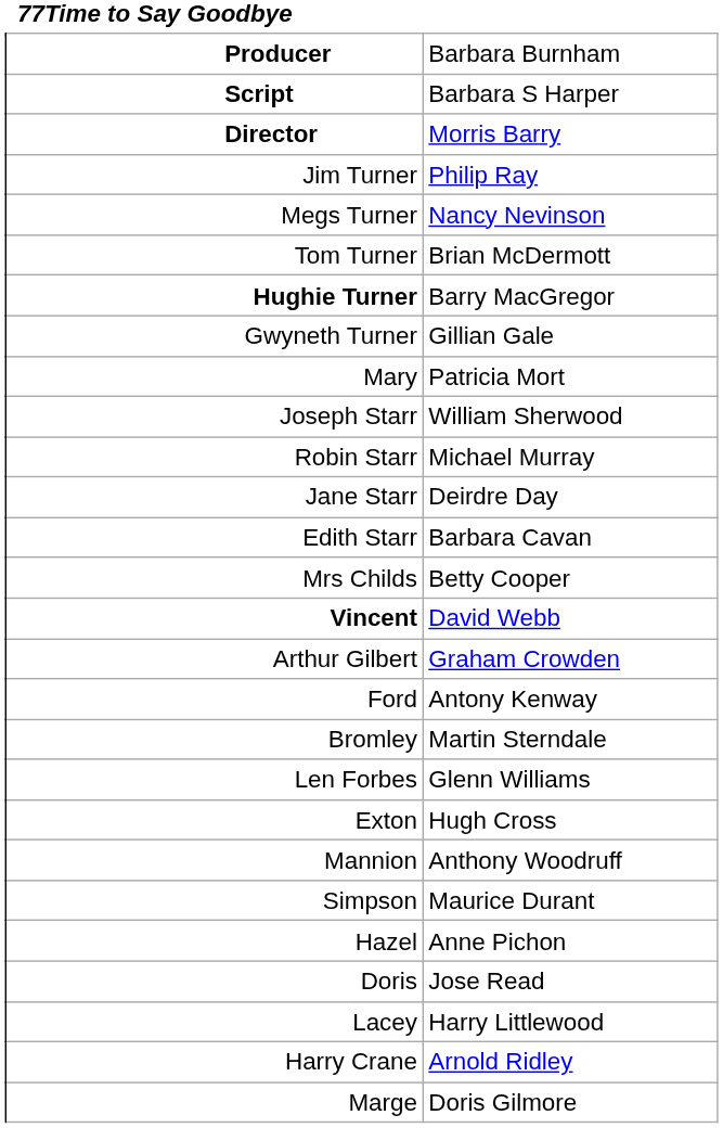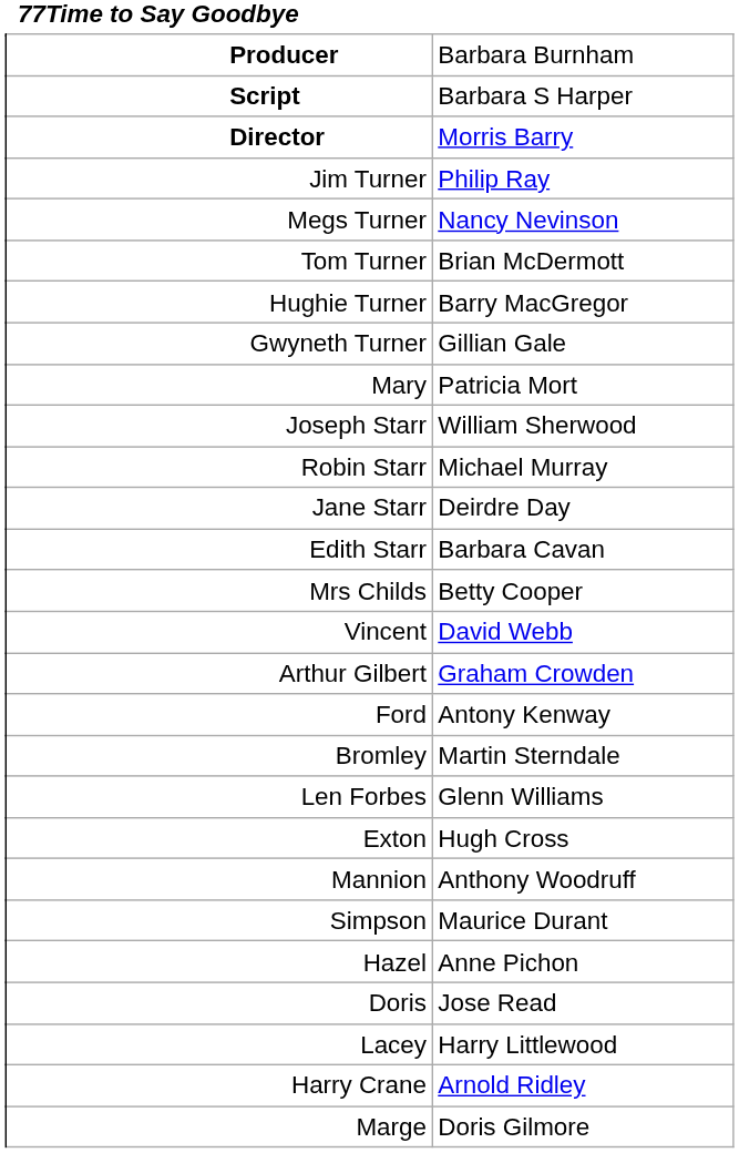 <table class="wikitable mw-collapsible mw-collapsed" style="vertical-align:top;margin:auto 2em;line-height:1.2;min-width:33em;display: inline-table;background-color:inherit;border:none;">
 <tr>
 <td class=unsortable style="border:hidden;line-height:1.67;text-align:center;margin-left:-1em;padding-left:0.5em;min-width:1.0em;"></td>
 <td class=unsortable style="border:none;padding-left:0.5em;text-align:left;min-width:16.5em;font-weight:700;font-style:italic;">77Time to Say Goodbye</td>
 <td class=unsortable style="border:none;text-align:right;font-weight:normal;font-family:Courier;font-size:95%;letter-spacing:-1pt;min-width:8.5em;padding-right:0.2em;"></td>
 <td class=unsortable style="border:hidden;min-width:3.5em;padding-left:0;"></td>
 <td class=unsortable style="border:hidden;min-width:3.5em;font-size:95%;"></td>
 </tr>
 <tr>
 <td rowspan=100 style="border:none thin;border-right-style :solid;"></td>
 </tr>
 <tr>
 <td style="text-align:left;padding-left:9.0em;font-weight:bold;">Producer</td>
 <td colspan=2>Barbara Burnham</td>
 </tr>
 <tr>
 <td style="text-align:left;padding-left:9.0em;font-weight:bold;">Script</td>
 <td colspan=2>Barbara S Harper</td>
 </tr>
 <tr>
 <td style="text-align:left;padding-left:9.0em;font-weight:bold;">Director</td>
 <td colspan=2><a href='#'>Morris Barry</a></td>
 </tr>
 <tr>
 <td style="text-align:right;">Jim Turner</td>
 <td colspan=2><a href='#'>Philip Ray</a></td>
 </tr>
 <tr>
 <td style="text-align:right;">Megs Turner</td>
 <td colspan=2><a href='#'>Nancy Nevinson</a></td>
 </tr>
 <tr>
 <td style="text-align:right;">Tom Turner</td>
 <td colspan=2>Brian McDermott</td>
 </tr>
 <tr>
-<td style="text-align:right;"><strong>Hughie Turner</strong></td>
+<td style="text-align:right;">Hughie Turner</td>
 <td colspan=2>Barry MacGregor</td>
 </tr>
 <tr>
 <td style="text-align:right;">Gwyneth Turner</td>
 <td colspan=2>Gillian Gale</td>
 </tr>
 <tr>
 <td style="text-align:right;">Mary</td>
 <td colspan=2>Patricia Mort</td>
 </tr>
 <tr>
 <td style="text-align:right;">Joseph Starr</td>
 <td colspan=2>William Sherwood</td>
 </tr>
 <tr>
 <td style="text-align:right;">Robin Starr</td>
 <td colspan=2>Michael Murray</td>
 </tr>
 <tr>
 <td style="text-align:right;">Jane Starr</td>
 <td colspan=2>Deirdre Day</td>
 </tr>
 <tr>
 <td style="text-align:right;">Edith Starr</td>
 <td colspan=2>Barbara Cavan</td>
 </tr>
 <tr>
 <td style="text-align:right;">Mrs Childs</td>
 <td colspan=2>Betty Cooper</td>
 </tr>
 <tr>
-<td style="text-align:right;"><strong>Vincent</strong></td>
+<td style="text-align:right;">Vincent</td>
 <td colspan=2><a href='#'>David Webb</a></td>
 </tr>
 <tr>
 <td style="text-align:right;">Arthur Gilbert</td>
 <td colspan=2><a href='#'>Graham Crowden</a></td>
 </tr>
 <tr>
 <td style="text-align:right;">Ford</td>
 <td colspan=2>Antony Kenway</td>
 </tr>
 <tr>
 <td style="text-align:right;">Bromley</td>
 <td colspan=2>Martin Sterndale</td>
 </tr>
 <tr>
 <td style="text-align:right;">Len Forbes</td>
 <td colspan=2>Glenn Williams</td>
 </tr>
 <tr>
 <td style="text-align:right;">Exton</td>
 <td colspan=2>Hugh Cross</td>
 </tr>
 <tr>
 <td style="text-align:right;">Mannion</td>
 <td colspan=2>Anthony Woodruff</td>
 </tr>
 <tr>
 <td style="text-align:right;">Simpson</td>
 <td colspan=2>Maurice Durant</td>
 </tr>
 <tr>
 <td style="text-align:right;">Hazel</td>
 <td colspan=2>Anne Pichon</td>
 </tr>
 <tr>
 <td style="text-align:right;">Doris</td>
 <td colspan=2>Jose Read</td>
 </tr>
 <tr>
 <td style="text-align:right;">Lacey</td>
 <td colspan=2>Harry Littlewood</td>
 </tr>
 <tr>
 <td style="text-align:right;">Harry Crane</td>
 <td colspan=2><a href='#'>Arnold Ridley</a></td>
 </tr>
 <tr>
 <td style="text-align:right;">Marge</td>
 <td colspan=2>Doris Gilmore</td>
 </tr>
 </table>
